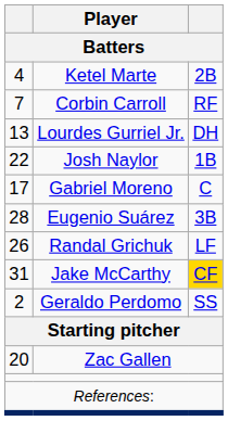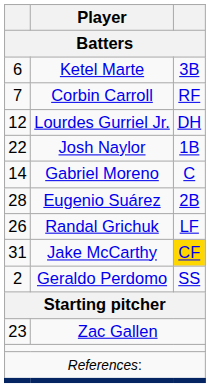 <table class="wikitable" style="text-align:center">
 <tr>
 <th></th>
 <th>Player</th>
 <th></th>
 </tr>
 <tr>
 <th colspan="3">Batters</th>
 </tr>
 <tr>
-<td>4</td>
+<td>6</td>
 <td><a href='#'>Ketel Marte</a></td>
-<td><a href='#'>2B</a></td>
+<td><a href='#'>3B</a></td>
 </tr>
 <tr>
 <td>7</td>
 <td><a href='#'>Corbin Carroll</a></td>
 <td><a href='#'>RF</a></td>
 </tr>
 <tr>
-<td>13</td>
+<td>12</td>
 <td><a href='#'>Lourdes Gurriel Jr.</a></td>
 <td><a href='#'>DH</a></td>
 </tr>
 <tr>
 <td>22</td>
 <td><a href='#'>Josh Naylor</a></td>
 <td><a href='#'>1B</a></td>
 </tr>
 <tr>
-<td>17</td>
+<td>14</td>
 <td><a href='#'>Gabriel Moreno</a></td>
 <td><a href='#'>C</a></td>
 </tr>
 <tr>
 <td>28</td>
 <td><a href='#'>Eugenio Suárez</a></td>
-<td><a href='#'>3B</a></td>
+<td><a href='#'>2B</a></td>
 </tr>
 <tr>
 <td>26</td>
 <td><a href='#'>Randal Grichuk</a></td>
 <td><a href='#'>LF</a></td>
 </tr>
 <tr>
 <td>31</td>
 <td><a href='#'>Jake McCarthy</a></td>
 <td style="background: gold;"><a href='#'>CF</a></td>
 </tr>
 <tr>
 <td>2</td>
 <td><a href='#'>Geraldo Perdomo</a></td>
 <td><a href='#'>SS</a></td>
 </tr>
 <tr>
 <th colspan="4">Starting pitcher</th>
 </tr>
 <tr>
-<td>20</td>
+<td>23</td>
 <td colspan="2"><a href='#'>Zac Gallen</a></td>
 </tr>
 <tr>
 <td style="text-align:right"; colspan="4"></td>
 </tr>
 <tr>
 <td style="border-bottom:#042462 5px solid;" colspan="4"><small><em>References</em>: </small></td>
 </tr>
 </table>
